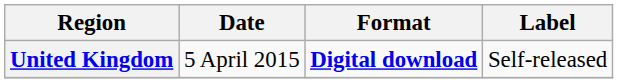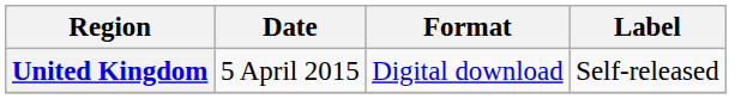 <table class="wikitable sortable plainrowheaders" style="text-align:center">
 <tr>
 <th>Region</th>
 <th>Date</th>
 <th>Format</th>
 <th>Label</th>
 </tr>
 <tr>
 <th scope="row"><a href='#'>United Kingdom</a></th>
 <td>5 April 2015</td>
-<td><strong><a href='#'>Digital download</a></strong></td>
+<td><a href='#'>Digital download</a></td>
 <td>Self-released</td>
 </tr>
 <tr>
 </tr>
 </table>
